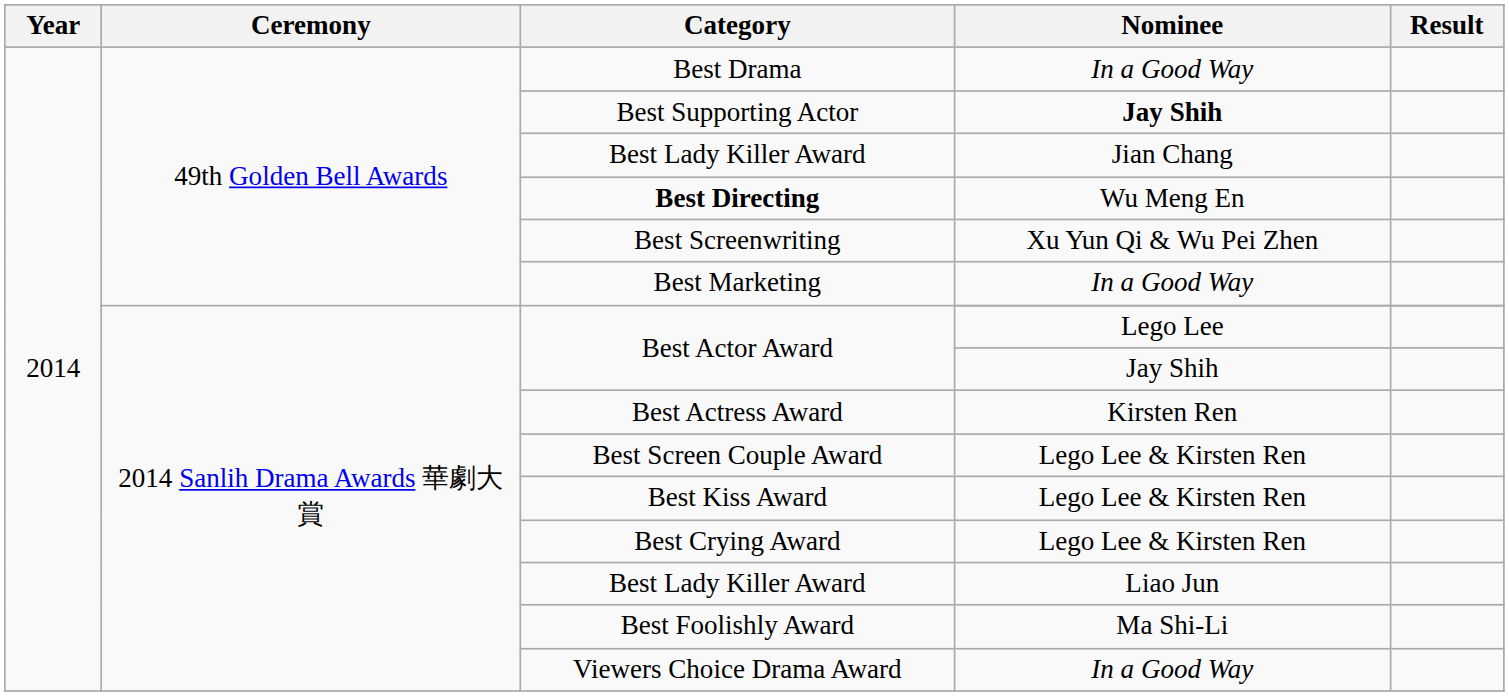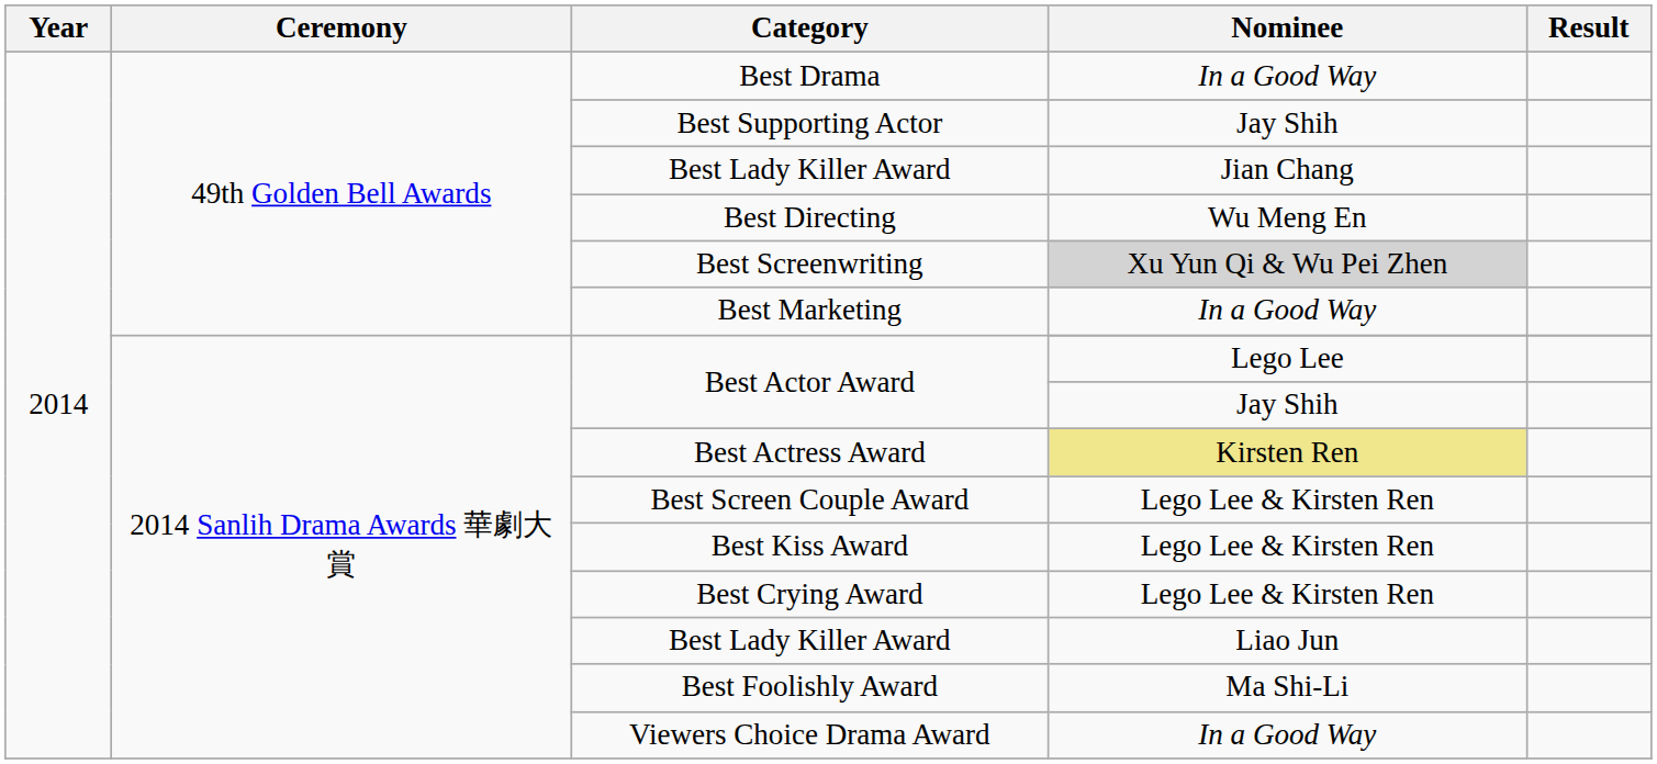 <table class="wikitable" style="text-align:center;">
 <tr>
 <th style="width:50px;">Year</th>
 <th style="width:240px;">Ceremony</th>
 <th style="width:250px;">Category</th>
 <th style="width:250px;">Nominee</th>
 <th style="width:60px;">Result</th>
 </tr>
 <tr>
 <td rowspan=16>2014</td>
 <td rowspan=6>49th <a href='#'>Golden Bell Awards</a></td>
 <td>Best Drama</td>
 <td><em>In a Good Way</em></td>
 <td></td>
 </tr>
 <tr>
 <td>Best Supporting Actor</td>
-<td><strong>Jay Shih</strong></td>
+<td>Jay Shih</td>
 <td></td>
 </tr>
 <tr>
 <td>Best Lady Killer Award</td>
 <td>Jian Chang</td>
 <td></td>
 </tr>
 <tr>
-<td><strong>Best Directing</strong></td>
+<td>Best Directing</td>
 <td>Wu Meng En</td>
 <td></td>
 </tr>
 <tr>
 <td>Best Screenwriting</td>
-<td>Xu Yun Qi & Wu Pei Zhen</td>
+<td style="background: lightgrey;">Xu Yun Qi & Wu Pei Zhen</td>
 <td></td>
 </tr>
 <tr>
 <td rowspan=2>Best Marketing</td>
 <td><em>In a Good Way</em></td>
 <td></td>
 </tr>
 <tr>
 <td rowspan=10>2014 <a href='#'>Sanlih Drama Awards</a> 華劇大賞<br></td>
 </tr>
 <tr>
 <td rowspan=2>Best Actor Award</td>
 <td>Lego Lee</td>
 <td></td>
 </tr>
 <tr>
 <td>Jay Shih</td>
 <td></td>
 </tr>
 <tr>
 <td>Best Actress Award</td>
-<td>Kirsten Ren</td>
+<td style="background: khaki;">Kirsten Ren</td>
 <td></td>
 </tr>
 <tr>
 <td>Best Screen Couple Award</td>
 <td>Lego Lee & Kirsten Ren</td>
 <td></td>
 </tr>
 <tr>
 <td>Best Kiss Award</td>
 <td>Lego Lee & Kirsten Ren</td>
 <td></td>
 </tr>
 <tr>
 <td>Best Crying Award</td>
 <td>Lego Lee & Kirsten Ren</td>
 <td></td>
 </tr>
 <tr>
 <td>Best Lady Killer Award</td>
 <td>Liao Jun</td>
 <td></td>
 </tr>
 <tr>
 <td>Best Foolishly Award</td>
 <td>Ma Shi-Li</td>
 <td></td>
 </tr>
 <tr>
 <td>Viewers Choice Drama Award</td>
 <td><em>In a Good Way</em></td>
 <td></td>
 </tr>
 </table>
